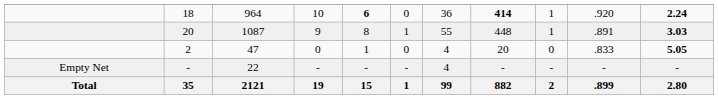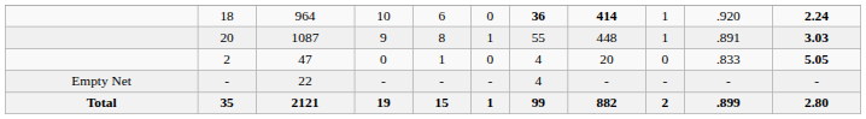 <table class="wikitable sortable" width ="1000">
 <tr align="center">
 </tr>
 <tr align="center" bgcolor="">
 <td></td>
 <td>18</td>
 <td>964</td>
 <td>10</td>
-<td><strong>6</strong></td>
+<td>6</td>
 <td>0</td>
-<td>36</td>
+<td><strong>36</strong></td>
 <td><strong>414</strong></td>
 <td>1</td>
 <td>.920</td>
 <td><strong>2.24</strong></td>
 </tr>
 <tr align="center" bgcolor="f0f0f0">
 <td></td>
 <td>20</td>
 <td>1087</td>
 <td>9</td>
 <td>8</td>
 <td>1</td>
 <td>55</td>
 <td>448</td>
 <td>1</td>
 <td>.891</td>
 <td><strong>3.03</strong></td>
 </tr>
 <tr align="center" bgcolor="">
 <td></td>
 <td>2</td>
 <td>47</td>
 <td>0</td>
 <td>1</td>
 <td>0</td>
 <td>4</td>
 <td>20</td>
 <td>0</td>
 <td>.833</td>
 <td><strong>5.05</strong></td>
 </tr>
 <tr align="center" bgcolor="f0f0f0">
 <td>Empty Net</td>
 <td>-</td>
 <td>22</td>
 <td>-</td>
 <td>-</td>
 <td>-</td>
 <td>4</td>
 <td>-</td>
 <td>-</td>
 <td>-</td>
 <td>-</td>
 </tr>
 <tr>
 <th>Total</th>
 <th>35</th>
 <th>2121</th>
 <th>19</th>
 <th>15</th>
 <th>1</th>
 <th>99</th>
 <th>882</th>
 <th>2</th>
 <th>.899</th>
 <th>2.80</th>
 </tr>
 </table>
